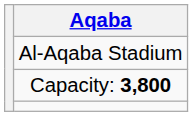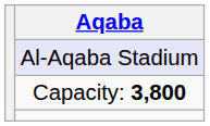 <table class="wikitable" style="text-align:center">
 <tr>
 <th rowspan="4"></th>
 <th><a href='#'>Aqaba</a></th>
 </tr>
 <tr>
-<td>Al-Aqaba Stadium</td>
+<td style="background: lavender;">Al-Aqaba Stadium</td>
 </tr>
 <tr>
 <td>Capacity: <strong>3,800</strong></td>
 </tr>
 <tr>
 <td></td>
 </tr>
 </table>
